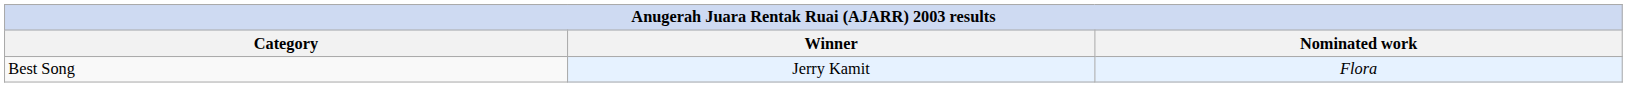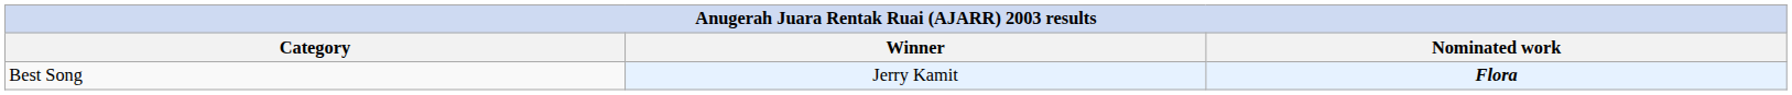 <table class="wikitable" style="width:80%; text-align:center;">
 <tr style="background:#cedaf2;">
 <td Colspan="5"><strong>Anugerah Juara Rentak Ruai (AJARR) 2003 results </strong></td>
 </tr>
 <tr>
 <th style="width:16%;">Category</th>
 <th style="width:15%;">Winner</th>
 <th style="width:15%;">Nominated work</th>
 </tr>
 <tr>
 <td style="text-align:left;">Best Song</td>
 <td Style="background:#E6F2FF;">Jerry Kamit</td>
-<td Style="background:#E6F2FF;"><em>Flora</em></td>
+<td Style="background:#E6F2FF;"><strong><em>Flora</em></strong></td>
 </tr>
 </table>
